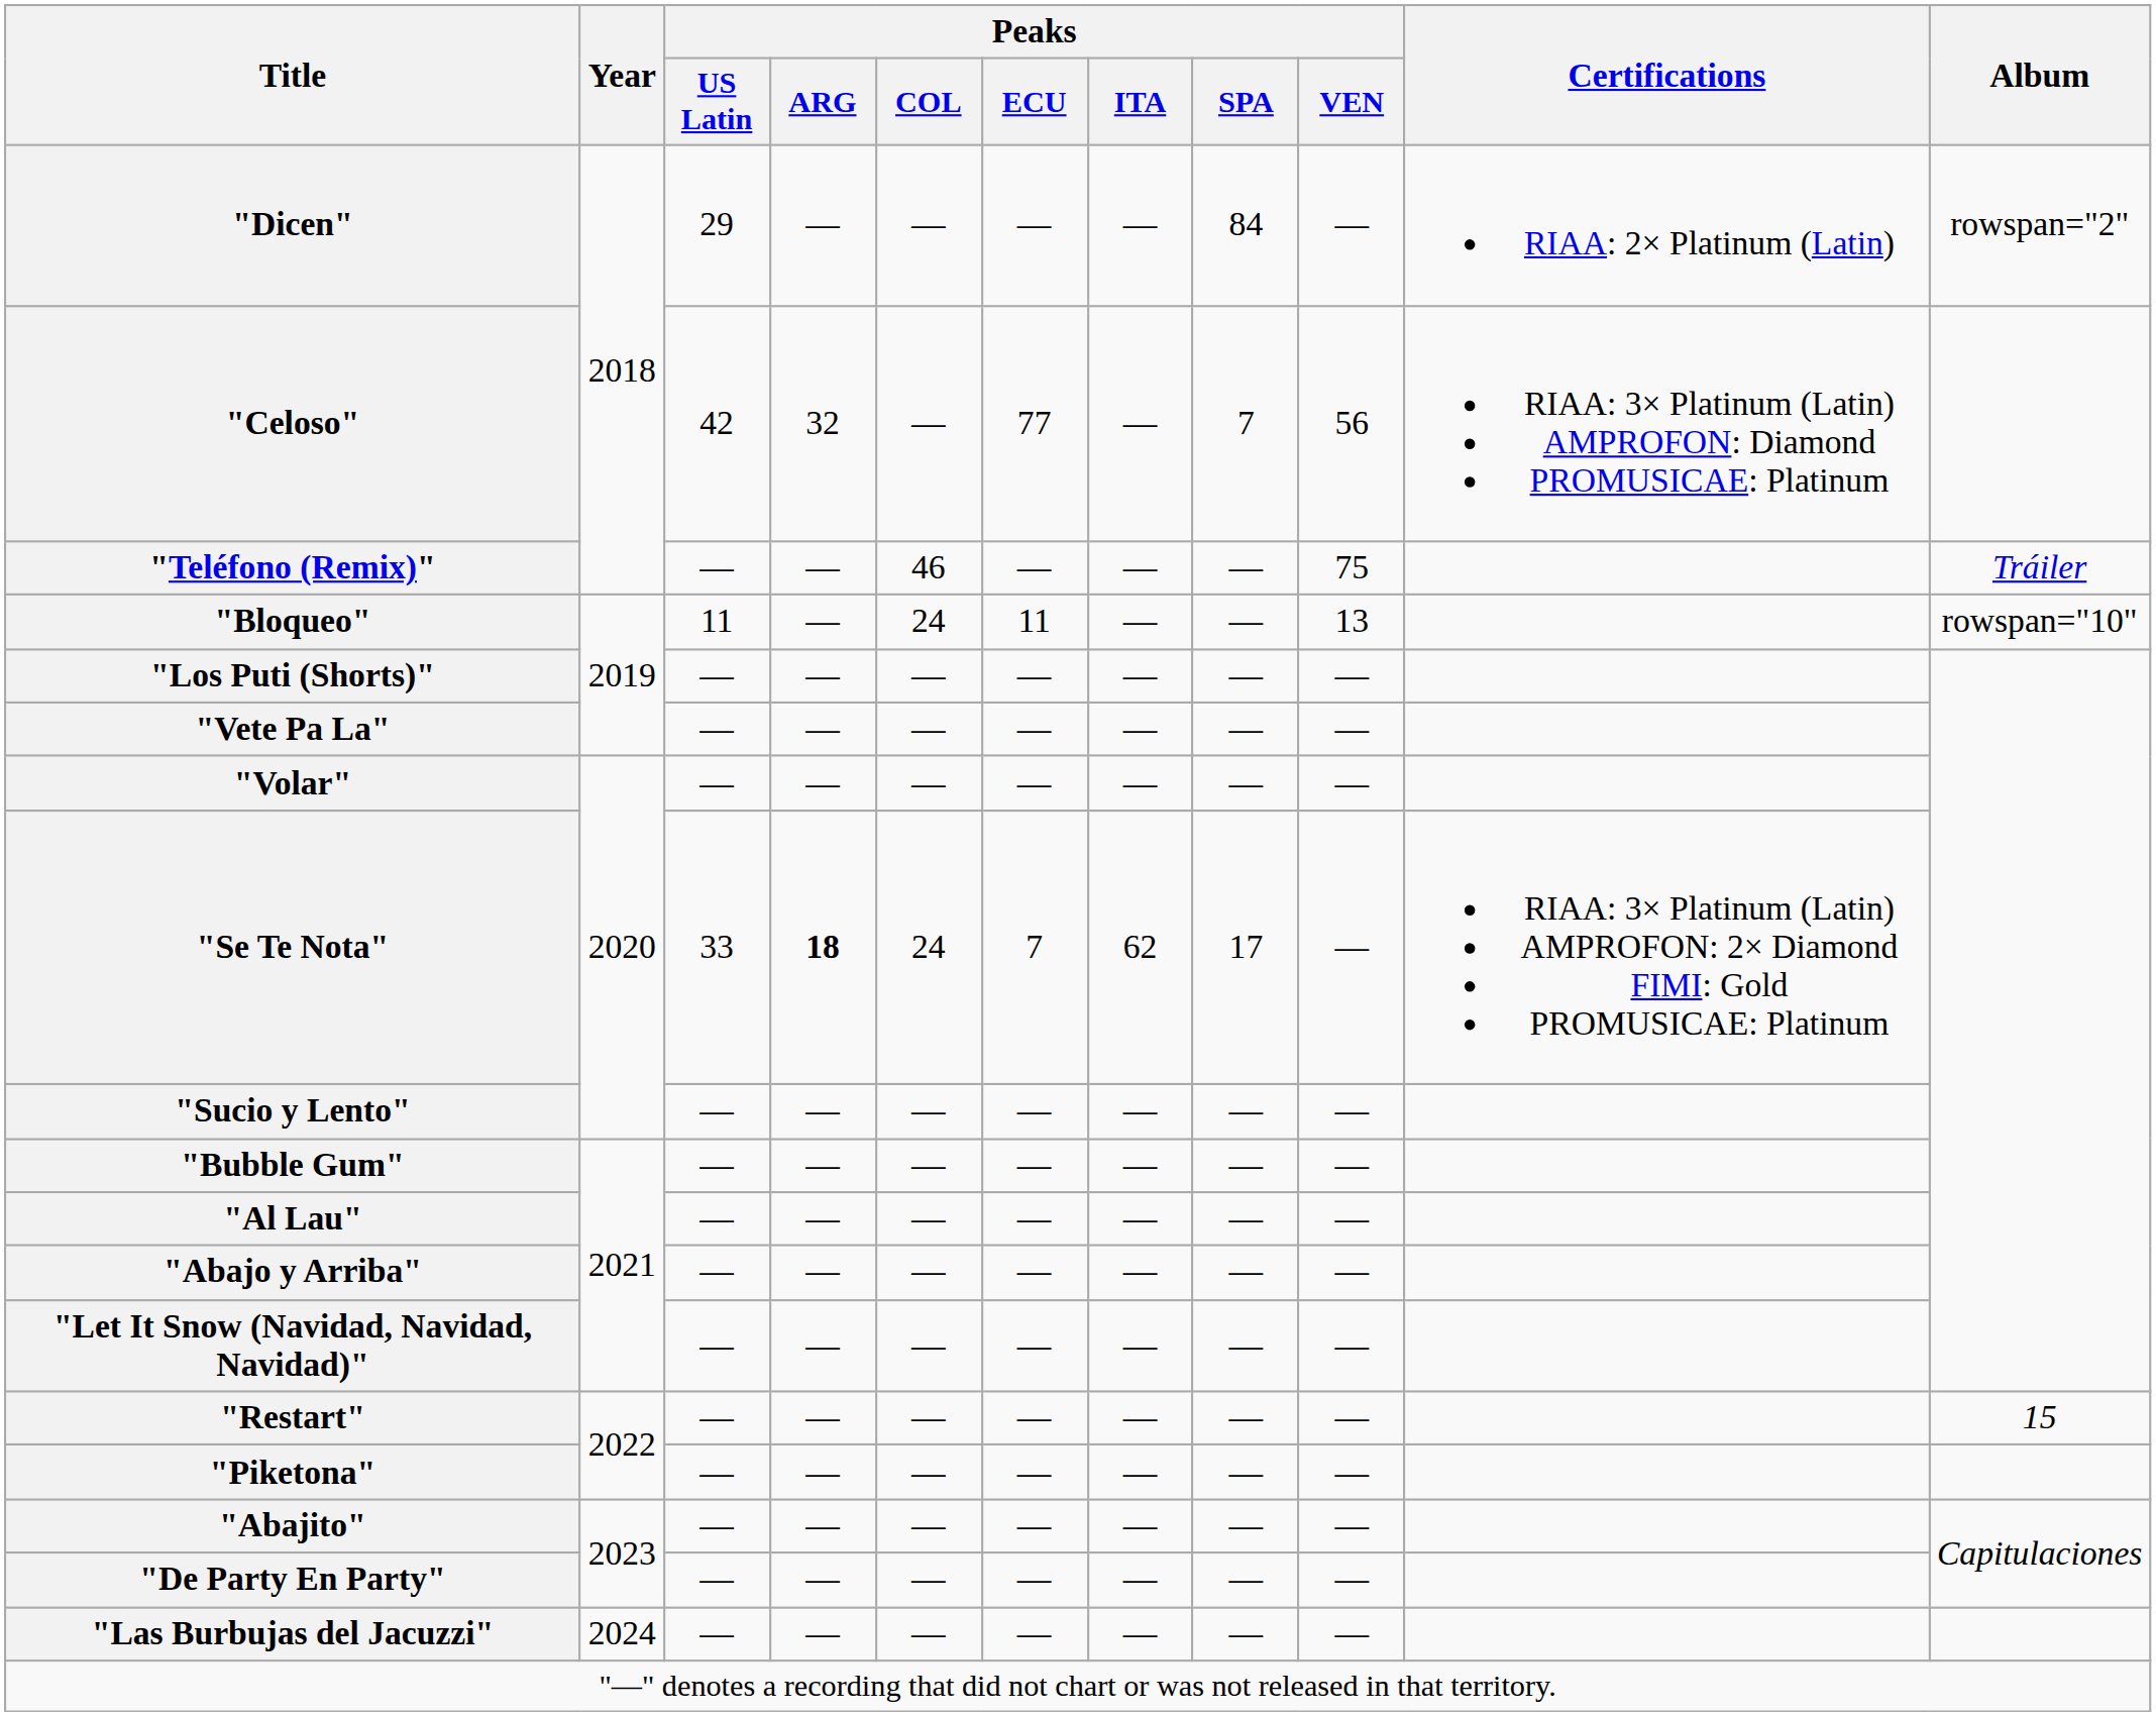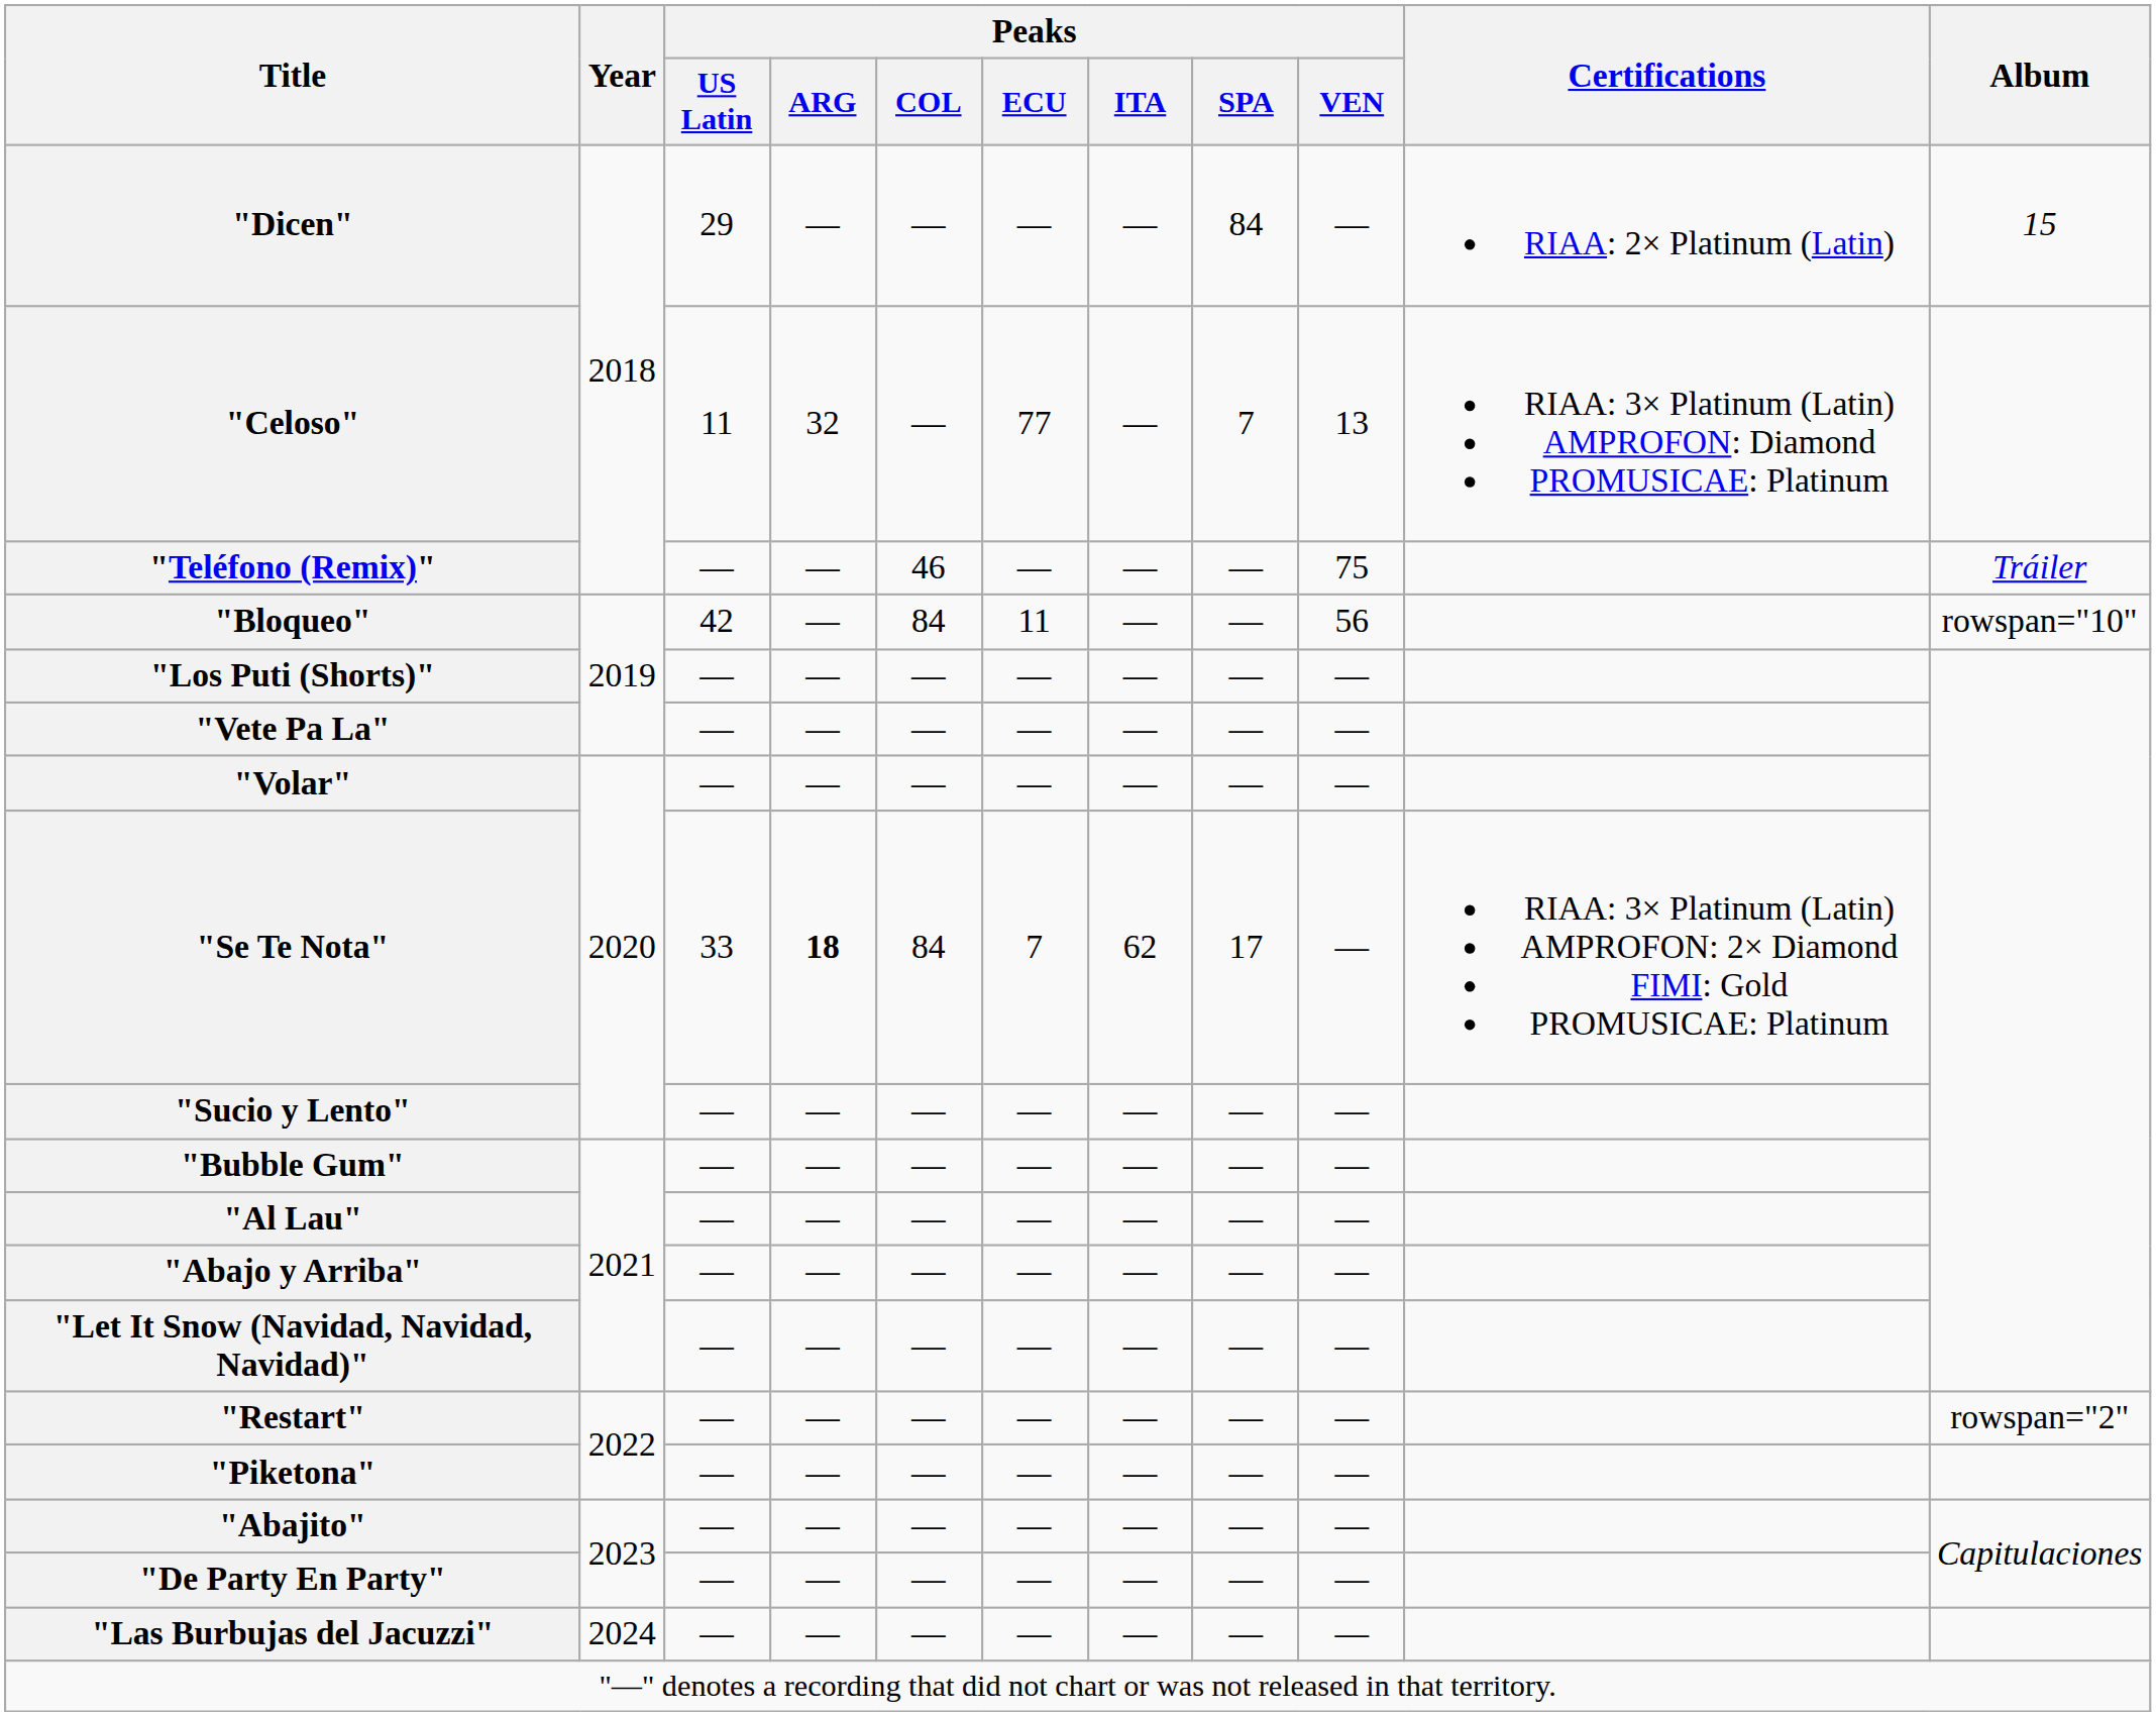 <table class="wikitable plainrowheaders" style="text-align:center;">
 <tr>
 <th scope="col" rowspan="2" style="width:16.5em;">Title</th>
 <th scope="col" rowspan="2" style="width:1em;">Year</th>
 <th scope="col" colspan="7">Peaks</th>
 <th scope="col" rowspan="2" style="width:15em;"><a href='#'>Certifications</a></th>
 <th scope="col" rowspan="2">Album</th>
 </tr>
 <tr>
 <th scope="col" style="width:3em;font-size:90%;"><a href='#'>US<br>Latin</a><br></th>
 <th scope="col" style="width:3em;font-size:90%;"><a href='#'>ARG</a><br></th>
 <th scope="col" style="width:3em;font-size:90%;"><a href='#'>COL</a><br></th>
 <th scope="col" style="width:3em;font-size:90%;"><a href='#'>ECU</a><br></th>
 <th scope="col" style="width:3em;font-size:90%;"><a href='#'>ITA</a><br></th>
 <th scope="col" style="width:3em;font-size:90%;"><a href='#'>SPA</a><br></th>
 <th scope="col" style="width:3em;font-size:90%;"><a href='#'>VEN</a><br></th>
 </tr>
 <tr>
 <th scope="row">"Dicen"<br></th>
 <td rowspan="3">2018</td>
 <td>29</td>
 <td>—</td>
 <td>—</td>
 <td>—</td>
 <td>—</td>
 <td>84</td>
 <td>—</td>
 <td><br><ul><li><a href='#'>RIAA</a>: 2× Platinum <span>(<a href='#'>Latin</a>)</span></li></ul></td>
-<td>rowspan="2" </td>
+<td><em>15</em></td>
 </tr>
 <tr>
 <th scope="row">"Celoso"</th>
-<td>42</td>
+<td>11</td>
 <td>32</td>
 <td>—</td>
 <td>77</td>
 <td>—</td>
 <td>7</td>
-<td>56</td>
+<td>13</td>
 <td><br><ul><li>RIAA: 3× Platinum <span>(Latin)</span></li><li><a href='#'>AMPROFON</a>: Diamond</li><li><a href='#'>PROMUSICAE</a>: Platinum</li></ul></td>
 </tr>
 <tr>
 <th scope="row">"<a href='#'>Teléfono (Remix)</a>"<br></th>
 <td>—</td>
 <td>—</td>
 <td>46</td>
 <td>—</td>
 <td>—</td>
 <td>—</td>
 <td>75</td>
 <td></td>
 <td><em><a href='#'>Tráiler</a></em></td>
 </tr>
 <tr>
 <th scope="row">"Bloqueo"<br></th>
 <td rowspan="3">2019</td>
-<td>11</td>
+<td>42</td>
 <td>—</td>
-<td>24</td>
+<td>84</td>
 <td>11</td>
 <td>—</td>
 <td>—</td>
-<td>13</td>
+<td>56</td>
 <td></td>
 <td>rowspan="10" </td>
 </tr>
 <tr>
 <th scope="row">"Los Puti (Shorts)"<br></th>
 <td>—</td>
 <td>—</td>
 <td>—</td>
 <td>—</td>
 <td>—</td>
 <td>—</td>
 <td>—</td>
 <td></td>
 </tr>
 <tr>
 <th scope="row">"Vete Pa La"</th>
 <td>—</td>
 <td>—</td>
 <td>—</td>
 <td>—</td>
 <td>—</td>
 <td>—</td>
 <td>—</td>
 <td></td>
 </tr>
 <tr>
 <th scope="row">"Volar"<br></th>
 <td rowspan="3">2020</td>
 <td>—</td>
 <td>—</td>
 <td>—</td>
 <td>—</td>
 <td>—</td>
 <td>—</td>
 <td>—</td>
 <td></td>
 </tr>
 <tr>
 <th scope="row">"Se Te Nota"<br></th>
 <td>33</td>
 <td><strong>18</strong></td>
-<td>24</td>
+<td>84</td>
 <td>7</td>
 <td>62</td>
 <td>17</td>
 <td>—</td>
 <td><br><ul><li>RIAA: 3× Platinum <span>(Latin)</span></li><li>AMPROFON: 2× Diamond</li><li><a href='#'>FIMI</a>: Gold</li><li>PROMUSICAE: Platinum</li></ul></td>
 </tr>
 <tr>
 <th scope="row">"Sucio y Lento"<br></th>
 <td>—</td>
 <td>—</td>
 <td>—</td>
 <td>—</td>
 <td>—</td>
 <td>—</td>
 <td>—</td>
 <td></td>
 </tr>
 <tr>
 <th scope="row">"Bubble Gum"<br></th>
 <td rowspan="4">2021</td>
 <td>—</td>
 <td>—</td>
 <td>—</td>
 <td>—</td>
 <td>—</td>
 <td>—</td>
 <td>—</td>
 <td></td>
 </tr>
 <tr>
 <th scope="row">"Al Lau"</th>
 <td>—</td>
 <td>—</td>
 <td>—</td>
 <td>—</td>
 <td>—</td>
 <td>—</td>
 <td>—</td>
 <td></td>
 </tr>
 <tr>
 <th scope="row">"Abajo y Arriba"<br></th>
 <td>—</td>
 <td>—</td>
 <td>—</td>
 <td>—</td>
 <td>—</td>
 <td>—</td>
 <td>—</td>
 <td></td>
 </tr>
 <tr>
 <th scope="row">"Let It Snow (Navidad, Navidad, Navidad)"</th>
 <td>—</td>
 <td>—</td>
 <td>—</td>
 <td>—</td>
 <td>—</td>
 <td>—</td>
 <td>—</td>
 <td></td>
 </tr>
 <tr>
 <th scope="row">"Restart"<br></th>
 <td rowspan="2">2022</td>
 <td>—</td>
 <td>—</td>
 <td>—</td>
 <td>—</td>
 <td>—</td>
 <td>—</td>
 <td>—</td>
 <td></td>
-<td><em>15</em></td>
+<td>rowspan="2" </td>
 </tr>
 <tr>
 <th scope="row">"Piketona"<br></th>
 <td>—</td>
 <td>—</td>
 <td>—</td>
 <td>—</td>
 <td>—</td>
 <td>—</td>
 <td>—</td>
 <td></td>
 <td></td>
 </tr>
 <tr>
 <th scope="row">"Abajito"<br></th>
 <td rowspan="2">2023</td>
 <td>—</td>
 <td>—</td>
 <td>—</td>
 <td>—</td>
 <td>—</td>
 <td>—</td>
 <td>—</td>
 <td></td>
 <td rowspan="2"><em>Capitulaciones</em></td>
 </tr>
 <tr>
 <th scope="row">"De Party En Party"<br></th>
 <td>—</td>
 <td>—</td>
 <td>—</td>
 <td>—</td>
 <td>—</td>
 <td>—</td>
 <td>—</td>
 <td></td>
 </tr>
 <tr>
 <th scope="row">"Las Burbujas del Jacuzzi"<br></th>
 <td>2024</td>
 <td>—</td>
 <td>—</td>
 <td>—</td>
 <td>—</td>
 <td>—</td>
 <td>—</td>
 <td>—</td>
 <td></td>
 <td></td>
 </tr>
 <tr>
 <td colspan="14" style="font-size:90%">"—" denotes a recording that did not chart or was not released in that territory.</td>
 </tr>
 </table>
